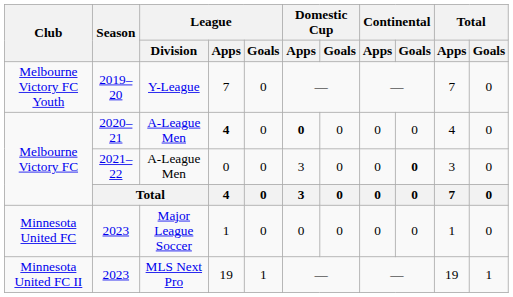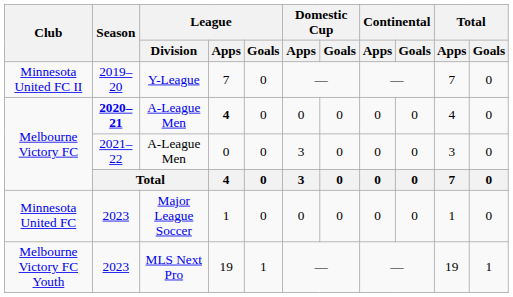 <table class="wikitable" style=text-align:center>
 <tr>
 <th rowspan="2">Club</th>
 <th rowspan="2">Season</th>
 <th colspan="3">League</th>
 <th colspan="2">Domestic Cup</th>
 <th colspan="2">Continental</th>
 <th colspan="2">Total</th>
 </tr>
 <tr>
 <th>Division</th>
 <th>Apps</th>
 <th>Goals</th>
 <th>Apps</th>
 <th>Goals</th>
 <th>Apps</th>
 <th>Goals</th>
 <th>Apps</th>
 <th>Goals</th>
 </tr>
 <tr>
-<td><a href='#'>Melbourne Victory FC Youth</a></td>
+<td><a href='#'>Minnesota United FC II</a></td>
 <td><a href='#'>2019–20</a></td>
 <td><a href='#'>Y-League</a></td>
 <td>7</td>
 <td>0</td>
 <td colspan="2">—</td>
 <td colspan="2">—</td>
 <td>7</td>
 <td>0</td>
 </tr>
 <tr>
 <td rowspan="3"><a href='#'>Melbourne Victory FC</a></td>
-<td><a href='#'>2020–21</a></td>
+<td><strong><a href='#'>2020–21</a></strong></td>
 <td><a href='#'>A-League Men</a></td>
 <td><strong>4</strong></td>
 <td>0</td>
-<td><strong>0</strong></td>
+<td>0</td>
 <td>0</td>
 <td>0</td>
 <td>0</td>
 <td>4</td>
 <td>0</td>
 </tr>
 <tr>
 <td><a href='#'>2021–22</a></td>
 <td>A-League Men</td>
 <td>0</td>
 <td>0</td>
 <td>3</td>
 <td>0</td>
 <td>0</td>
-<td><strong>0</strong></td>
+<td>0</td>
 <td>3</td>
 <td>0</td>
 </tr>
 <tr>
 <th colspan="2">Total</th>
 <th>4</th>
 <th>0</th>
 <th>3</th>
 <th>0</th>
 <th>0</th>
 <th>0</th>
 <th>7</th>
 <th>0</th>
 </tr>
 <tr>
 <td><a href='#'>Minnesota United FC</a></td>
 <td><a href='#'>2023</a></td>
 <td><a href='#'>Major League Soccer</a></td>
 <td>1</td>
 <td>0</td>
 <td>0</td>
 <td>0</td>
 <td>0</td>
 <td>0</td>
 <td>1</td>
 <td>0</td>
 </tr>
 <tr>
-<td><a href='#'>Minnesota United FC II</a></td>
+<td><a href='#'>Melbourne Victory FC Youth</a></td>
 <td><a href='#'>2023</a></td>
 <td><a href='#'>MLS Next Pro</a></td>
 <td>19</td>
 <td>1</td>
 <td colspan="2">—</td>
 <td colspan="2">—</td>
 <td>19</td>
 <td>1</td>
 </tr>
 </table>
